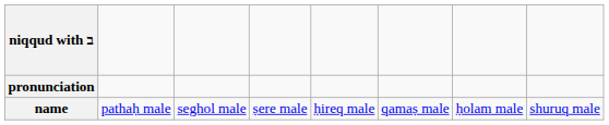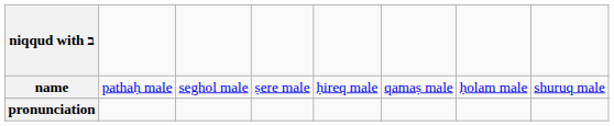 <table class="wikitable" style="text-align: center;">
 <tr>
 <th>niqqud with ב</th>
 <td style="font-size: 180%;"><br></td>
 <td style="font-size: 180%;"><br><br></td>
 <td style="font-size: 180%;"><br><br></td>
 <td style="font-size: 180%;"><br></td>
 <td style="font-size: 180%;"><br></td>
 <td style="font-size: 180%;"><br><br></td>
 <td style="font-size: 180%;"><br></td>
 </tr>
 <tr>
+<th>name</th>
+<td><a href='#'>pathaḥ male</a></td>
+<td><a href='#'>seghol male</a></td>
+<td><a href='#'>ṣere male</a></td>
+<td><a href='#'>ḥireq male</a></td>
+<td><a href='#'>qamaṣ male</a></td>
+<td><a href='#'>ḥolam male</a></td>
+<td><a href='#'>shuruq male</a></td>
+</tr>
+<tr>
 <th>pronunciation</th>
 <td></td>
 <td></td>
 <td></td>
 <td></td>
 <td></td>
 <td></td>
 <td></td>
 </tr>
-<tr>
-<th>name</th>
-<td><a href='#'>pathaḥ male</a></td>
-<td><a href='#'>seghol male</a></td>
-<td><a href='#'>ṣere male</a></td>
-<td><a href='#'>ḥireq male</a></td>
-<td><a href='#'>qamaṣ male</a></td>
-<td><a href='#'>ḥolam male</a></td>
-<td><a href='#'>shuruq male</a></td>
-</tr>
 </table>
